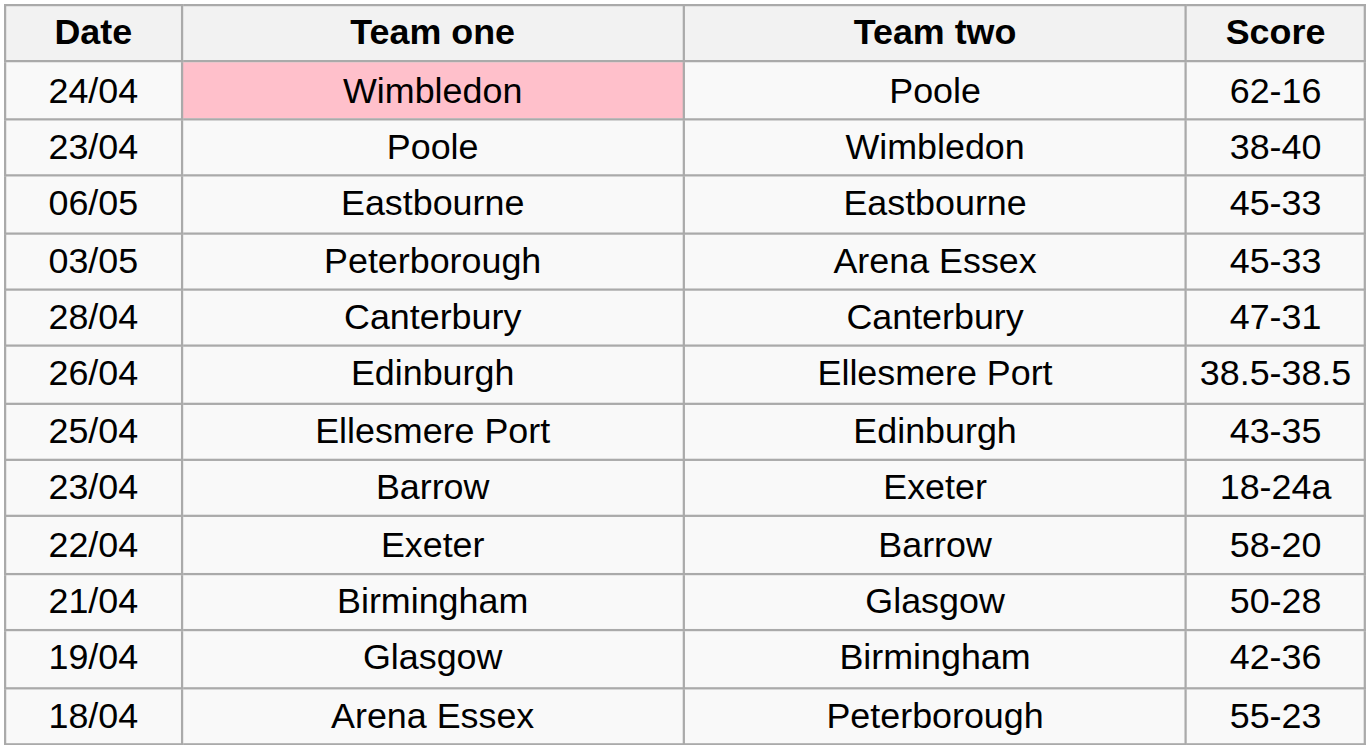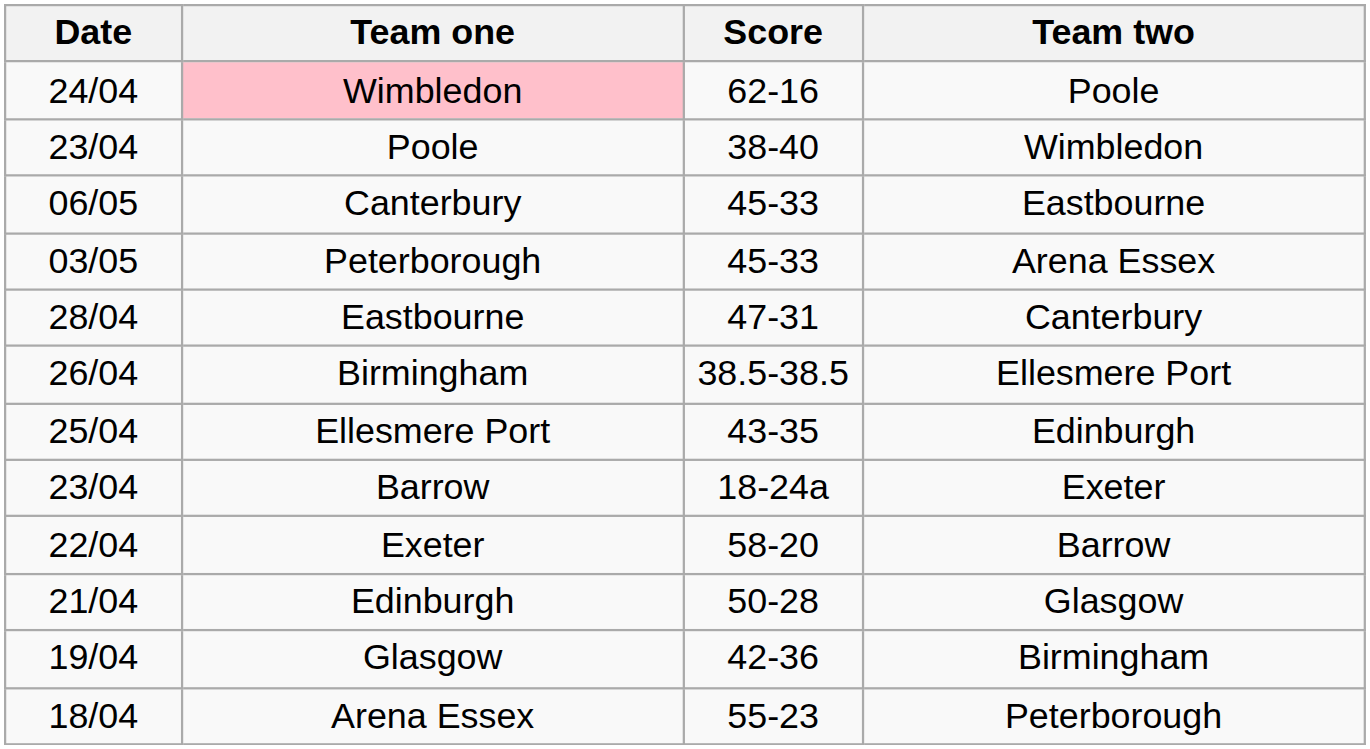 <table class="wikitable" style="text-align: center">
 <tr>
 <th width=80>Date</th>
 <th width=250>Team one</th>
+<th width=80>Score</th>
 <th width=250>Team two</th>
-<th width=80>Score</th>
 </tr>
 <tr>
 <td>24/04</td>
 <td style="background: pink;">Wimbledon</td>
+<td>62-16</td>
 <td>Poole</td>
-<td>62-16</td>
 </tr>
 <tr>
 <td>23/04</td>
 <td>Poole</td>
+<td>38-40</td>
 <td>Wimbledon</td>
-<td>38-40</td>
 </tr>
 <tr>
 <td>06/05</td>
+<td>Canterbury</td>
+<td>45-33</td>
 <td>Eastbourne</td>
-<td>Eastbourne</td>
-<td>45-33</td>
 </tr>
 <tr>
 <td>03/05</td>
 <td>Peterborough</td>
+<td>45-33</td>
 <td>Arena Essex</td>
-<td>45-33</td>
 </tr>
 <tr>
 <td>28/04</td>
+<td>Eastbourne</td>
+<td>47-31</td>
 <td>Canterbury</td>
-<td>Canterbury</td>
-<td>47-31</td>
 </tr>
 <tr>
 <td>26/04</td>
-<td>Edinburgh</td>
+<td>Birmingham</td>
+<td>38.5-38.5</td>
 <td>Ellesmere Port</td>
-<td>38.5-38.5</td>
 </tr>
 <tr>
 <td>25/04</td>
 <td>Ellesmere Port</td>
+<td>43-35</td>
 <td>Edinburgh</td>
-<td>43-35</td>
 </tr>
 <tr>
 <td>23/04</td>
 <td>Barrow</td>
+<td>18-24a</td>
 <td>Exeter</td>
-<td>18-24a</td>
 </tr>
 <tr>
 <td>22/04</td>
 <td>Exeter</td>
+<td>58-20</td>
 <td>Barrow</td>
-<td>58-20</td>
 </tr>
 <tr>
 <td>21/04</td>
-<td>Birmingham</td>
+<td>Edinburgh</td>
+<td>50-28</td>
 <td>Glasgow</td>
-<td>50-28</td>
 </tr>
 <tr>
 <td>19/04</td>
 <td>Glasgow</td>
+<td>42-36</td>
 <td>Birmingham</td>
-<td>42-36</td>
 </tr>
 <tr>
 <td>18/04</td>
 <td>Arena Essex</td>
+<td>55-23</td>
 <td>Peterborough</td>
-<td>55-23</td>
 </tr>
 </table>
